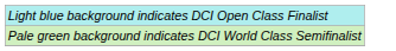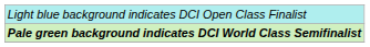 <table class="wikitable" style="font-size:95%;">
 <tr>
 <td style="background-color:#afeeee"><em>Light blue background indicates DCI Open Class Finalist</em></td>
 </tr>
 <tr>
-<td style="background-color:#d0f0c0"><em>Pale green background indicates DCI World Class Semifinalist</em></td>
+<td style="background-color:#d0f0c0"><strong><em>Pale green background indicates DCI World Class Semifinalist</em></strong></td>
 </tr>
 <tr>
 </tr>
 </table>
